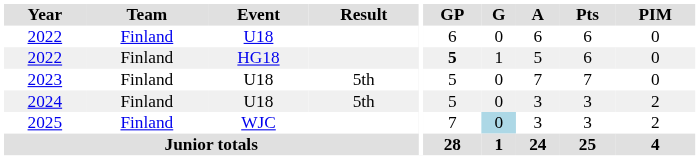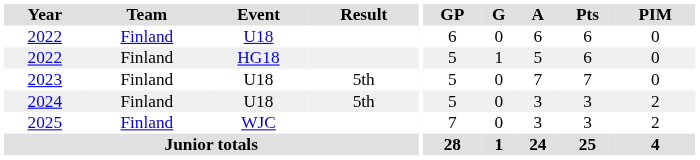 <table border="0" cellpadding="1" cellspacing="0" ID="Table3" style="text-align:center; width:40em;">
 <tr bgcolor="#e0e0e0">
 <th>Year</th>
 <th>Team</th>
 <th>Event</th>
 <th>Result</th>
 <th rowspan="99" bgcolor="#ffffff"></th>
 <th>GP</th>
 <th>G</th>
 <th>A</th>
 <th>Pts</th>
 <th>PIM</th>
 </tr>
 <tr>
 <td><a href='#'>2022</a></td>
 <td><a href='#'>Finland</a></td>
 <td><a href='#'>U18</a></td>
 <td></td>
 <td>6</td>
 <td>0</td>
 <td>6</td>
 <td>6</td>
 <td>0</td>
 </tr>
 <tr bgcolor="#f0f0f0">
 <td><a href='#'>2022</a></td>
 <td>Finland</td>
 <td><a href='#'>HG18</a></td>
 <td></td>
-<td><strong>5</strong></td>
+<td>5</td>
 <td>1</td>
 <td>5</td>
 <td>6</td>
 <td>0</td>
 </tr>
 <tr>
 <td><a href='#'>2023</a></td>
 <td>Finland</td>
 <td>U18</td>
 <td>5th</td>
 <td>5</td>
 <td>0</td>
 <td>7</td>
 <td>7</td>
 <td>0</td>
 </tr>
 <tr bgcolor="f0f0f0">
 <td><a href='#'>2024</a></td>
 <td>Finland</td>
 <td>U18</td>
 <td>5th</td>
 <td>5</td>
 <td>0</td>
 <td>3</td>
 <td>3</td>
 <td>2</td>
 </tr>
 <tr>
 <td><a href='#'>2025</a></td>
 <td><a href='#'>Finland</a></td>
 <td><a href='#'>WJC</a></td>
 <td></td>
 <td>7</td>
-<td style="background: lightblue;">0</td>
+<td>0</td>
 <td>3</td>
 <td>3</td>
 <td>2</td>
 </tr>
 <tr bgcolor="#e0e0e0">
 <th colspan="4">Junior totals</th>
 <th>28</th>
 <th>1</th>
 <th>24</th>
 <th>25</th>
 <th>4</th>
 </tr>
 </table>
